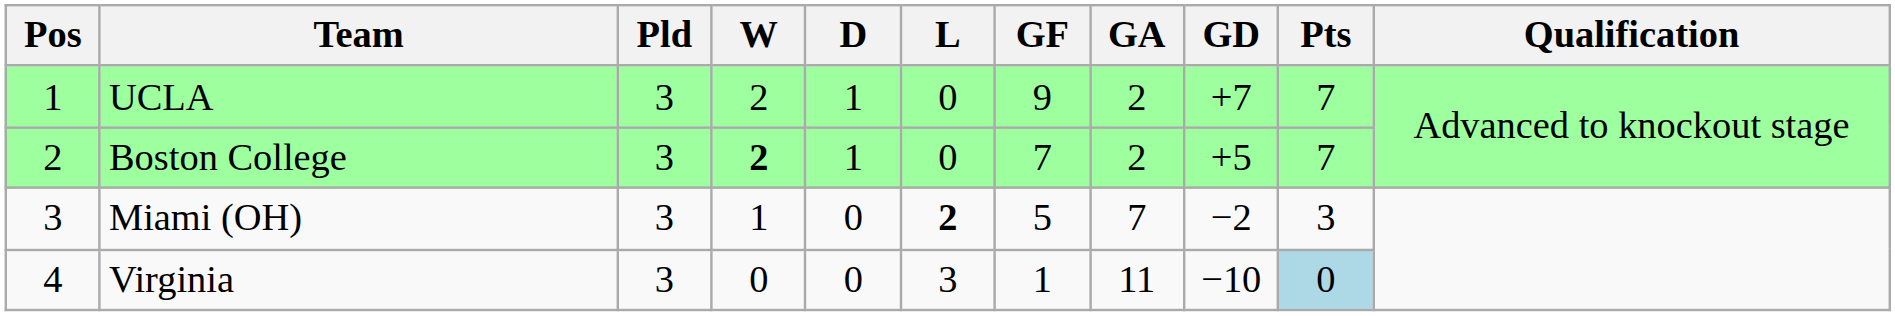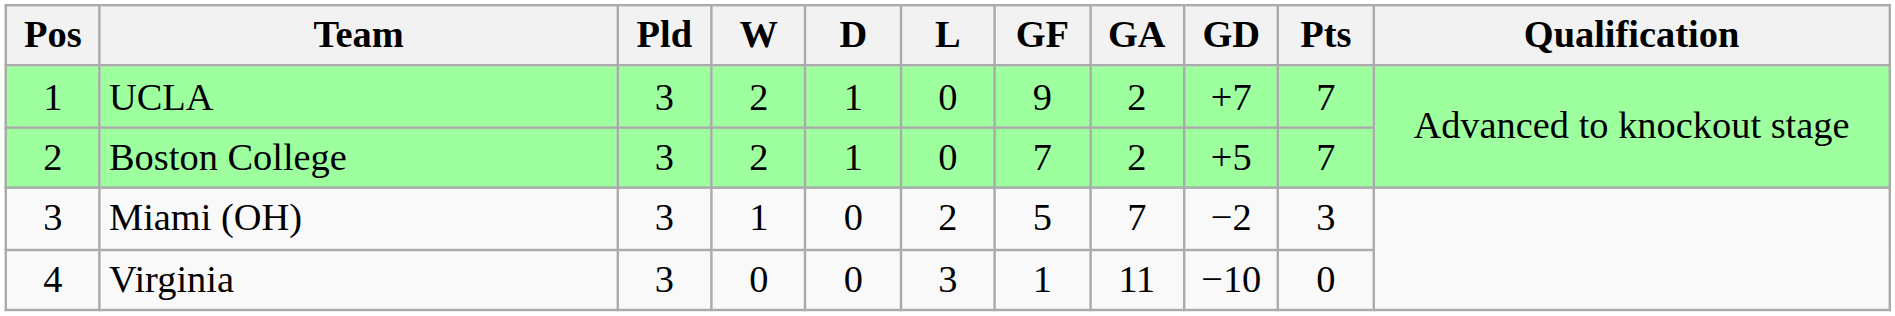 <table class="wikitable" style="text-align:center; margin: 1em auto">
 <tr>
 <th style=width:2em>Pos</th>
 <th style=width:13em>Team</th>
 <th style=width:2em>Pld</th>
 <th style=width:2em>W</th>
 <th style=width:2em>D</th>
 <th style=width:2em>L</th>
 <th style=width:2em>GF</th>
 <th style=width:2em>GA</th>
 <th style=width:2em>GD</th>
 <th style=width:2em>Pts</th>
 <th style=width:13em>Qualification</th>
 </tr>
 <tr bgcolor="#9eff9e">
 <td>1</td>
 <td style="text-align:left">UCLA</td>
 <td>3</td>
 <td>2</td>
 <td>1</td>
 <td>0</td>
 <td>9</td>
 <td>2</td>
 <td>+7</td>
 <td>7</td>
 <td rowspan="2">Advanced to knockout stage</td>
 </tr>
 <tr bgcolor="#9eff9e">
 <td>2</td>
 <td style="text-align:left">Boston College</td>
 <td>3</td>
-<td><strong>2</strong></td>
+<td>2</td>
 <td>1</td>
 <td>0</td>
 <td>7</td>
 <td>2</td>
 <td>+5</td>
 <td>7</td>
 </tr>
 <tr>
 <td>3</td>
 <td style="text-align:left">Miami (OH)</td>
 <td>3</td>
 <td>1</td>
 <td>0</td>
-<td><strong>2</strong></td>
+<td>2</td>
 <td>5</td>
 <td>7</td>
 <td>−2</td>
 <td>3</td>
 <td rowspan="2"></td>
 </tr>
 <tr>
 <td>4</td>
 <td style="text-align:left">Virginia</td>
 <td>3</td>
 <td>0</td>
 <td>0</td>
 <td>3</td>
 <td>1</td>
 <td>11</td>
 <td>−10</td>
-<td style="background: lightblue;">0</td>
+<td>0</td>
 </tr>
 </table>
